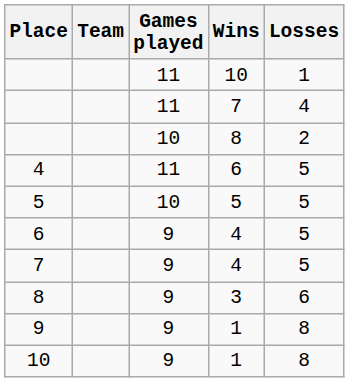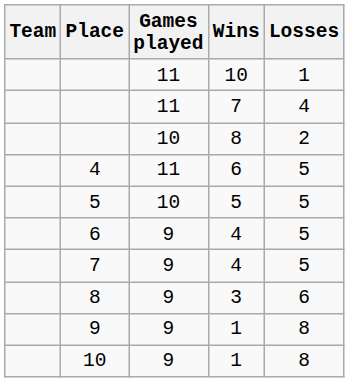 <table class="wikitable" style="text-align:center;">
 <tr>
+<th>Team</th>
 <th>Place</th>
-<th>Team</th>
 <th>Games<br>played</th>
 <th>Wins</th>
 <th>Losses</th>
 </tr>
 <tr>
+<td align=left></td>
 <td></td>
-<td align=left></td>
 <td>11</td>
 <td>10</td>
 <td>1</td>
 </tr>
 <tr>
+<td align=left></td>
 <td></td>
-<td align=left></td>
 <td>11</td>
 <td>7</td>
 <td>4</td>
 </tr>
 <tr>
+<td align=left></td>
 <td></td>
-<td align=left></td>
 <td>10</td>
 <td>8</td>
 <td>2</td>
 </tr>
 <tr>
+<td align=left></td>
 <td>4</td>
-<td align=left></td>
 <td>11</td>
 <td>6</td>
 <td>5</td>
 </tr>
 <tr>
+<td align=left></td>
 <td>5</td>
-<td align=left></td>
 <td>10</td>
 <td>5</td>
 <td>5</td>
 </tr>
 <tr>
+<td align=left></td>
 <td>6</td>
-<td align=left></td>
 <td>9</td>
 <td>4</td>
 <td>5</td>
 </tr>
 <tr>
+<td align=left></td>
 <td>7</td>
-<td align=left></td>
 <td>9</td>
 <td>4</td>
 <td>5</td>
 </tr>
 <tr>
+<td align=left></td>
 <td>8</td>
-<td align=left></td>
 <td>9</td>
 <td>3</td>
 <td>6</td>
 </tr>
 <tr>
+<td align=left></td>
 <td>9</td>
-<td align=left></td>
 <td>9</td>
 <td>1</td>
 <td>8</td>
 </tr>
 <tr>
+<td align=left></td>
 <td>10</td>
-<td align=left></td>
 <td>9</td>
 <td>1</td>
 <td>8</td>
 </tr>
 </table>
